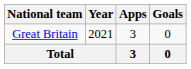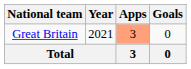 <table class="wikitable" style="text-align:center">
 <tr>
 <th>National team</th>
 <th>Year</th>
 <th>Apps</th>
 <th>Goals</th>
 </tr>
 <tr>
 <td><a href='#'>Great Britain</a></td>
 <td>2021</td>
-<td>3</td>
+<td style="background: lightsalmon;">3</td>
 <td>0</td>
 </tr>
 <tr>
 <th colspan="2">Total</th>
 <th>3</th>
 <th>0</th>
 </tr>
 </table>
